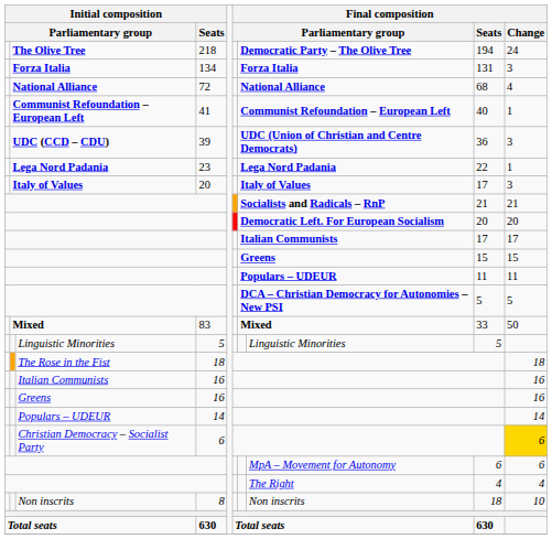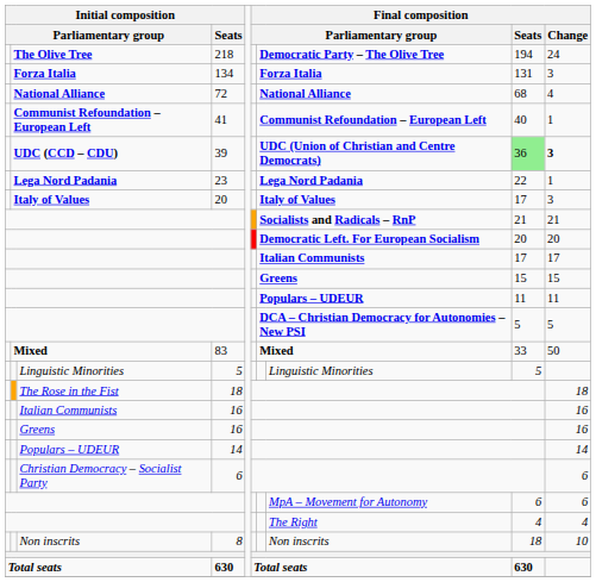 <table class="wikitable" style="width : 60%;">
 <tr>
 <th colspan="4">Initial composition</th>
 <td rowspan="30" style="width : 1%;"></td>
 <th colspan="5">Final composition</th>
 </tr>
 <tr>
 <th colspan="3">Parliamentary group</th>
 <th>Seats</th>
 <th colspan="3">Parliamentary group</th>
 <th>Seats</th>
 <th>Change</th>
 </tr>
 <tr>
 <td></td>
 <td colspan = "2"><strong><a href='#'>The Olive Tree</a></strong></td>
 <td>218</td>
 <td></td>
 <td colspan = "2"><strong><a href='#'>Democratic Party</a> – <a href='#'>The Olive Tree</a></strong></td>
 <td>194</td>
 <td> 24</td>
 </tr>
 <tr>
 <td></td>
 <td colspan = "2"><strong><a href='#'>Forza Italia</a></strong></td>
 <td>134</td>
 <td></td>
 <td colspan = "2"><strong><a href='#'>Forza Italia</a></strong></td>
 <td>131</td>
 <td> 3</td>
 </tr>
 <tr>
 <td></td>
 <td colspan = "2"><strong><a href='#'>National Alliance</a></strong></td>
 <td>72</td>
 <td></td>
 <td colspan = "2"><strong><a href='#'>National Alliance</a></strong></td>
 <td>68</td>
 <td> 4</td>
 </tr>
 <tr>
 <td></td>
 <td colspan = "2"><strong><a href='#'>Communist Refoundation</a> – <a href='#'>European Left</a></strong></td>
 <td>41</td>
 <td></td>
 <td colspan = "2"><strong><a href='#'>Communist Refoundation</a> – <a href='#'>European Left</a></strong></td>
 <td>40</td>
 <td> 1</td>
 </tr>
 <tr>
 <td></td>
 <td colspan = "2"><strong><a href='#'>UDC</a> (<a href='#'>CCD</a> – <a href='#'>CDU</a>)</strong></td>
 <td>39</td>
 <td></td>
 <td colspan = "2"><strong><a href='#'>UDC (Union of Christian and Centre Democrats)</a></strong></td>
-<td>36</td>
-<td> 3</td>
+<td style="background: lightgreen;">36</td>
+<td><strong> 3</strong></td>
 </tr>
 <tr>
 <td></td>
 <td colspan = "2"><strong><a href='#'>Lega Nord Padania</a></strong></td>
 <td>23</td>
 <td></td>
 <td colspan = "2"><strong><a href='#'>Lega Nord Padania</a></strong></td>
 <td>22</td>
 <td> 1</td>
 </tr>
 <tr>
 <td></td>
 <td colspan = "2"><strong><a href='#'>Italy of Values</a></strong></td>
 <td>20</td>
 <td></td>
 <td colspan = "2"><strong><a href='#'>Italy of Values</a></strong></td>
 <td>17</td>
 <td> 3</td>
 </tr>
 <tr>
 <td colspan = "4"></td>
 <td bgcolor="orange" width=1%></td>
 <td colspan = "2"><strong><a href='#'>Socialists</a> and <a href='#'>Radicals</a> – <a href='#'>RnP</a></strong></td>
 <td>21</td>
 <td> 21</td>
 </tr>
 <tr>
 <td colspan = "4"></td>
 <td bgcolor="red" width=1%></td>
 <td colspan = "2"><strong><a href='#'>Democratic Left. For European Socialism</a></strong></td>
 <td>20</td>
 <td> 20</td>
 </tr>
 <tr>
 <td colspan = "4"></td>
 <td></td>
 <td colspan = "2"><strong><a href='#'>Italian Communists</a></strong></td>
 <td>17</td>
 <td> 17</td>
 </tr>
 <tr>
 <td colspan = "4"></td>
 <td></td>
 <td colspan = "2"><strong><a href='#'>Greens</a></strong></td>
 <td>15</td>
 <td> 15</td>
 </tr>
 <tr>
 <td colspan = "4"></td>
 <td></td>
 <td colspan = "2"><strong><a href='#'>Populars – UDEUR</a></strong></td>
 <td>11</td>
 <td> 11</td>
 </tr>
 <tr>
 <td colspan = "4"></td>
 <td></td>
 <td colspan = "2"><strong><a href='#'>DCA – Christian Democracy for Autonomies</a> – <a href='#'>New PSI</a></strong></td>
 <td>5</td>
 <td> 5</td>
 </tr>
 <tr>
 <td></td>
 <td colspan = "2"><strong>Mixed</strong></td>
 <td>83</td>
 <td></td>
 <td colspan = "2"><strong>Mixed</strong></td>
 <td>33</td>
 <td> 50</td>
 </tr>
 <tr>
 <td></td>
 <td></td>
 <td><em>Linguistic Minorities</em></td>
 <td align="right"><em>5</em></td>
 <td></td>
 <td></td>
 <td><em>Linguistic Minorities</em></td>
 <td align="right"><em>5</em></td>
 <td align="right"></td>
 </tr>
 <tr>
 <td></td>
 <td bgcolor="orange" width=1%></td>
 <td><em><a href='#'>The Rose in the Fist</a></em></td>
 <td align="right"><em>18</em></td>
 <td colspan="4"></td>
 <td align="right"> <em>18</em></td>
 </tr>
 <tr>
 <td></td>
 <td></td>
 <td><em><a href='#'>Italian Communists</a></em></td>
 <td align="right"><em>16</em></td>
 <td colspan="4"></td>
 <td align="right"> <em>16</em></td>
 </tr>
 <tr>
 <td></td>
 <td></td>
 <td><em><a href='#'>Greens</a></em></td>
 <td align="right"><em>16</em></td>
 <td colspan="4"></td>
 <td align="right"> <em>16</em></td>
 </tr>
 <tr>
 <td></td>
 <td></td>
 <td><em><a href='#'>Populars – UDEUR</a></em></td>
 <td align="right"><em>14</em></td>
 <td colspan="4"></td>
 <td align="right"> <em>14</em></td>
 </tr>
 <tr>
 <td></td>
 <td></td>
 <td><em><a href='#'>Christian Democracy</a> – <a href='#'>Socialist Party</a></em></td>
 <td align="right"><em>6</em></td>
 <td colspan="4"></td>
-<td align="right" style="background: gold;"> <em>6</em></td>
+<td align="right"> <em>6</em></td>
 </tr>
 <tr>
 <td colspan="4"></td>
 <td></td>
 <td></td>
 <td><em><a href='#'>MpA – Movement for Autonomy</a></em></td>
 <td align="right"><em>6</em></td>
 <td align="right"> <em>6</em></td>
 </tr>
 <tr>
 <td colspan="4"></td>
 <td></td>
 <td></td>
 <td><em><a href='#'>The Right</a></em></td>
 <td align="right"><em>4</em></td>
 <td align="right"> <em>4</em></td>
 </tr>
 <tr>
 <td></td>
 <td></td>
 <td><em>Non inscrits</em></td>
 <td align="right"><em>8</em></td>
 <td></td>
 <td></td>
 <td><em>Non inscrits</em></td>
 <td align="right"><em>18</em></td>
 <td align="right"> <em>10</em></td>
 </tr>
 <tr>
 <th colspan="4"></th>
 <th colspan="5"></th>
 </tr>
 <tr>
 <td colspan="3"><strong><em>Total seats</em></strong></td>
 <td><strong>630</strong></td>
 <td colspan="3"><strong><em>Total seats</em></strong></td>
 <td><strong>630</strong></td>
 <td></td>
 </tr>
 <tr>
 </tr>
 </table>
